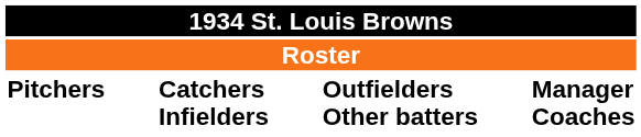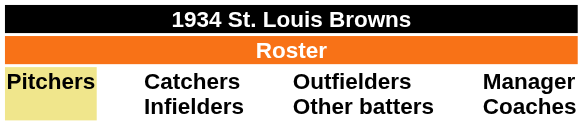 <table class="toccolours" style="font-size: 95%;">
 <tr>
 <th colspan="10" style="background-color: black; color: white; text-align: center;">1934 St. Louis Browns</th>
 </tr>
 <tr>
 <td colspan="10" style="background-color: #F87217; color: white; text-align: center;"><strong>Roster</strong></td>
 </tr>
 <tr>
-<td valign="top"><strong>Pitchers</strong><br>          </td>
+<td valign="top" style="background: khaki;"><strong>Pitchers</strong><br>          </td>
 <td width="25px"></td>
 <td valign="top"><strong>Catchers</strong><br>   <strong>Infielders</strong>      </td>
 <td width="25px"></td>
 <td valign="top"><strong>Outfielders</strong><br>      <strong>Other batters</strong>  </td>
 <td width="25px"></td>
 <td valign="top"><strong>Manager</strong><br> <strong>Coaches</strong>  </td>
 </tr>
 <tr>
 </tr>
 </table>
